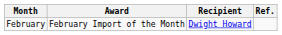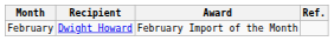 <table class="wikitable">
 <tr>
 <th>Month</th>
+<th>Recipient</th>
 <th>Award</th>
-<th>Recipient</th>
 <th>Ref.</th>
 </tr>
 <tr>
 <td>February</td>
+<td><a href='#'>Dwight Howard</a></td>
 <td>February Import of the Month</td>
-<td><a href='#'>Dwight Howard</a></td>
 <td></td>
 </tr>
 </table>
